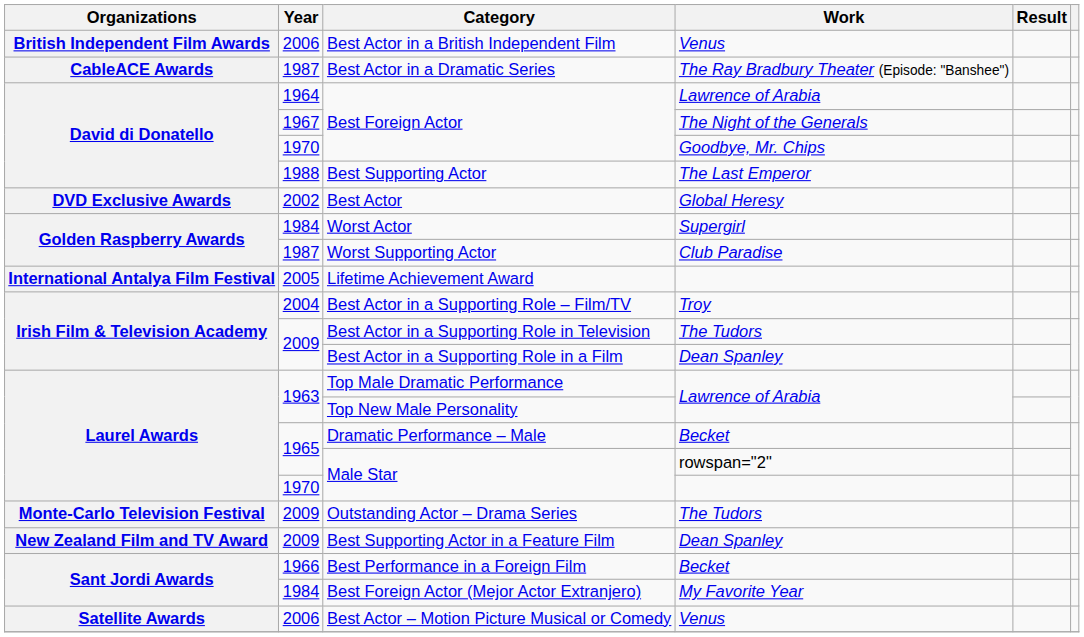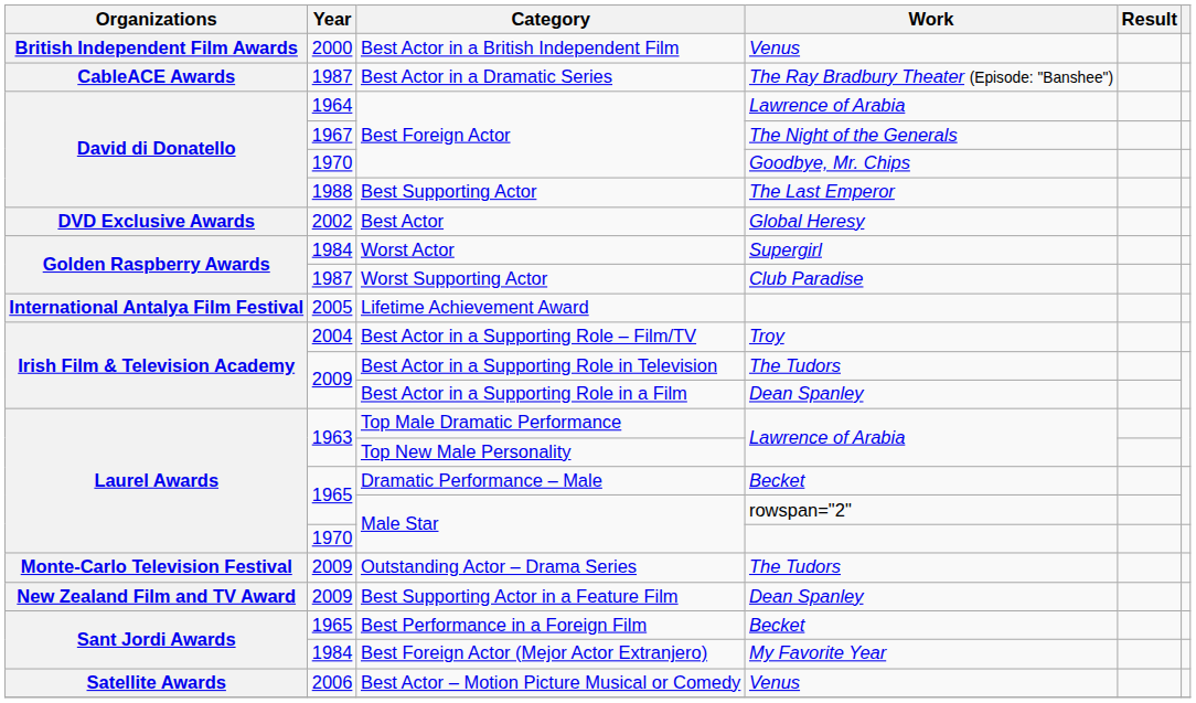 <table class= "wikitable plainrowheaders sortable">
 <tr>
 <th>Organizations</th>
 <th scope="col">Year</th>
 <th scope="col">Category</th>
 <th scope="col">Work</th>
 <th scope="col">Result</th>
 <th scope="col" class="unsortable"></th>
 </tr>
 <tr>
 <th scope="row" rowspan="1"><a href='#'>British Independent Film Awards</a></th>
-<td style="text-align:center;"><a href='#'>2006</a></td>
+<td style="text-align:center;"><a href='#'>2000</a></td>
 <td><a href='#'>Best Actor in a British Independent Film</a></td>
 <td><em><a href='#'>Venus</a></em></td>
 <td></td>
 <td style="text-align:center;"></td>
 </tr>
 <tr>
 <th scope="row" rowspan="1"><a href='#'>CableACE Awards</a></th>
 <td style="text-align:center;"><a href='#'>1987</a></td>
 <td><a href='#'>Best Actor in a Dramatic Series</a></td>
 <td><em><a href='#'>The Ray Bradbury Theater</a></em> <small>(Episode: "Banshee")</small></td>
 <td></td>
 <td style="text-align:center;"></td>
 </tr>
 <tr>
 <th scope="row" rowspan="4"><a href='#'>David di Donatello</a></th>
 <td style="text-align:center;"><a href='#'>1964</a></td>
 <td rowspan="3"><a href='#'>Best Foreign Actor</a></td>
 <td><em><a href='#'>Lawrence of Arabia</a></em></td>
 <td></td>
 <td style="text-align:center;"></td>
 </tr>
 <tr>
 <td style="text-align:center;"><a href='#'>1967</a></td>
 <td><em><a href='#'>The Night of the Generals</a></em></td>
 <td></td>
 <td style="text-align:center;"></td>
 </tr>
 <tr>
 <td style="text-align:center;"><a href='#'>1970</a></td>
 <td><em><a href='#'>Goodbye, Mr. Chips</a></em></td>
 <td></td>
 <td style="text-align:center;"></td>
 </tr>
 <tr>
 <td style="text-align:center;"><a href='#'>1988</a></td>
 <td><a href='#'>Best Supporting Actor</a></td>
 <td><em><a href='#'>The Last Emperor</a></em></td>
 <td></td>
 <td style="text-align:center;"></td>
 </tr>
 <tr>
 <th scope="row" rowspan="1"><a href='#'>DVD Exclusive Awards</a></th>
 <td style="text-align:center;"><a href='#'>2002</a></td>
 <td><a href='#'>Best Actor</a></td>
 <td><em><a href='#'>Global Heresy</a></em></td>
 <td></td>
 <td style="text-align:center;"></td>
 </tr>
 <tr>
 <th scope="row" rowspan="2"><a href='#'>Golden Raspberry Awards</a></th>
 <td style="text-align:center;"><a href='#'>1984</a></td>
 <td><a href='#'>Worst Actor</a></td>
 <td><em><a href='#'>Supergirl</a></em></td>
 <td></td>
 <td style="text-align:center;"></td>
 </tr>
 <tr>
 <td style="text-align:center;"><a href='#'>1987</a></td>
 <td><a href='#'>Worst Supporting Actor</a></td>
 <td><em><a href='#'>Club Paradise</a></em></td>
 <td></td>
 <td style="text-align:center;"></td>
 </tr>
 <tr>
 <th scope="row" rowspan="1"><a href='#'>International Antalya Film Festival</a></th>
 <td style="text-align:center;"><a href='#'>2005</a></td>
 <td><a href='#'>Lifetime Achievement Award</a></td>
 <td></td>
 <td></td>
 <td style="text-align:center;"></td>
 </tr>
 <tr>
 <th scope="row" rowspan="3"><a href='#'>Irish Film & Television Academy</a></th>
 <td style="text-align:center;"><a href='#'>2004</a></td>
 <td><a href='#'>Best Actor in a Supporting Role – Film/TV</a></td>
 <td><em><a href='#'>Troy</a></em></td>
 <td></td>
 <td style="text-align:center;"></td>
 </tr>
 <tr>
 <td rowspan="2"><a href='#'>2009</a></td>
 <td><a href='#'>Best Actor in a Supporting Role in Television</a></td>
 <td><em><a href='#'>The Tudors</a></em></td>
 <td></td>
 <td style="text-align:center;" rowspan="2"></td>
 </tr>
 <tr>
 <td><a href='#'>Best Actor in a Supporting Role in a Film</a></td>
 <td><em><a href='#'>Dean Spanley</a></em></td>
 <td></td>
 </tr>
 <tr>
 <th scope="row" rowspan="5"><a href='#'>Laurel Awards</a></th>
 <td style="text-align:center;", rowspan="2"><a href='#'>1963</a></td>
 <td><a href='#'>Top Male Dramatic Performance</a></td>
 <td rowspan="2"><em><a href='#'>Lawrence of Arabia</a></em></td>
 <td></td>
 <td style="text-align:center;" rowspan="2"></td>
 </tr>
 <tr>
 <td><a href='#'>Top New Male Personality</a></td>
 <td></td>
 </tr>
 <tr>
 <td style="text-align:center;", rowspan="2"><a href='#'>1965</a></td>
 <td><a href='#'>Dramatic Performance – Male</a></td>
 <td><em><a href='#'>Becket</a></em></td>
 <td></td>
 <td style="text-align:center;" rowspan="2"></td>
 </tr>
 <tr>
 <td rowspan="2"><a href='#'>Male Star</a></td>
 <td>rowspan="2" </td>
 <td></td>
 </tr>
 <tr>
 <td style="text-align:center;"><a href='#'>1970</a></td>
 <td></td>
 <td style="text-align:center;"></td>
 </tr>
 <tr>
 <th scope="row" rowspan="1"><a href='#'>Monte-Carlo Television Festival</a></th>
 <td style="text-align:center;"><a href='#'>2009</a></td>
 <td><a href='#'>Outstanding Actor – Drama Series</a></td>
 <td><em><a href='#'>The Tudors</a></em></td>
 <td></td>
 <td style="text-align:center;"></td>
 </tr>
 <tr>
 <th scope="row" rowspan="1"><a href='#'>New Zealand Film and TV Award</a></th>
 <td style="text-align:center;"><a href='#'>2009</a></td>
 <td><a href='#'>Best Supporting Actor in a Feature Film</a></td>
 <td><em><a href='#'>Dean Spanley</a></em></td>
 <td></td>
 <td style="text-align:center;"></td>
 </tr>
 <tr>
 <th scope="row" rowspan="2"><a href='#'>Sant Jordi Awards</a></th>
-<td style="text-align:center;"><a href='#'>1966</a></td>
+<td style="text-align:center;"><a href='#'>1965</a></td>
 <td><a href='#'>Best Performance in a Foreign Film</a></td>
 <td><em><a href='#'>Becket</a></em></td>
 <td></td>
 <td style="text-align:center;"></td>
 </tr>
 <tr>
 <td style="text-align:center;"><a href='#'>1984</a></td>
 <td><a href='#'>Best Foreign Actor (Mejor Actor Extranjero)</a></td>
 <td><em><a href='#'>My Favorite Year</a></em></td>
 <td></td>
 <td style="text-align:center;"></td>
 </tr>
 <tr>
 <th scope="row" rowspan="1"><a href='#'>Satellite Awards</a></th>
 <td style="text-align:center;"><a href='#'>2006</a></td>
 <td><a href='#'>Best Actor – Motion Picture Musical or Comedy</a></td>
 <td><em><a href='#'>Venus</a></em></td>
 <td></td>
 <td style="text-align:center;"></td>
 </tr>
 <tr>
 </tr>
 </table>
